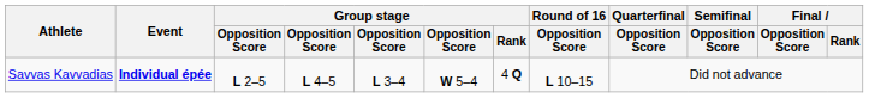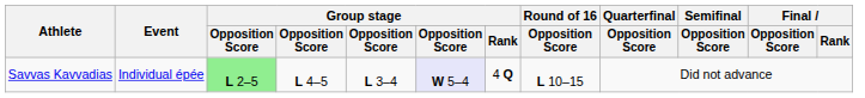 <table class=wikitable style="font-size:90%">
 <tr>
 <th rowspan=2>Athlete</th>
 <th rowspan=2>Event</th>
 <th colspan=5>Group stage</th>
 <th>Round of 16</th>
 <th>Quarterfinal</th>
 <th>Semifinal</th>
 <th colspan=2>Final / </th>
 </tr>
 <tr style="font-size:95%">
 <th>Opposition<br>Score</th>
 <th>Opposition<br>Score</th>
 <th>Opposition<br>Score</th>
 <th>Opposition<br>Score</th>
 <th>Rank</th>
 <th>Opposition<br>Score</th>
 <th>Opposition<br>Score</th>
 <th>Opposition<br>Score</th>
 <th>Opposition<br>Score</th>
 <th>Rank</th>
 </tr>
 <tr align=center>
 <td align=left><a href='#'>Savvas Kavvadias</a></td>
-<td align=left><strong><a href='#'>Individual épée</a></strong></td>
-<td><br><strong>L</strong> 2–5</td>
+<td align=left><a href='#'>Individual épée</a></td>
+<td style="background: lightgreen;"><br><strong>L</strong> 2–5</td>
 <td><br><strong>L</strong> 4–5</td>
 <td><br><strong>L</strong> 3–4</td>
-<td><br><strong>W</strong> 5–4</td>
+<td style="background: lavender;"><br><strong>W</strong> 5–4</td>
 <td>4 <strong>Q</strong></td>
 <td><br><strong>L</strong> 10–15</td>
 <td colspan=4>Did not advance</td>
 </tr>
 </table>
